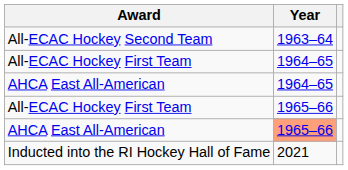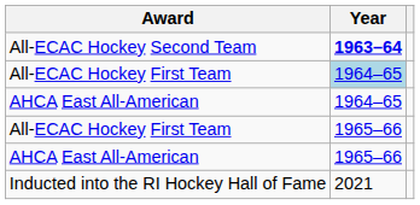 <table class="wikitable">
 <tr>
 <th>Award</th>
 <th>Year</th>
 <th></th>
 </tr>
 <tr>
 <td>All-<a href='#'>ECAC Hockey</a> <a href='#'>Second Team</a></td>
-<td><a href='#'>1963–64</a></td>
+<td><strong><a href='#'>1963–64</a></strong></td>
 <td></td>
 </tr>
 <tr>
 <td>All-<a href='#'>ECAC Hockey</a> <a href='#'>First Team</a></td>
-<td><a href='#'>1964–65</a></td>
+<td style="background: lightblue;"><a href='#'>1964–65</a></td>
 <td></td>
 </tr>
 <tr>
 <td><a href='#'>AHCA</a> <a href='#'>East All-American</a></td>
 <td><a href='#'>1964–65</a></td>
 <td></td>
 </tr>
 <tr>
 <td>All-<a href='#'>ECAC Hockey</a> <a href='#'>First Team</a></td>
 <td><a href='#'>1965–66</a></td>
 <td></td>
 </tr>
 <tr>
 <td><a href='#'>AHCA</a> <a href='#'>East All-American</a></td>
-<td style="background: lightsalmon;"><a href='#'>1965–66</a></td>
+<td><a href='#'>1965–66</a></td>
 <td></td>
 </tr>
 <tr>
 <td>Inducted into the RI Hockey Hall of Fame</td>
 <td>2021</td>
 </tr>
 </table>
